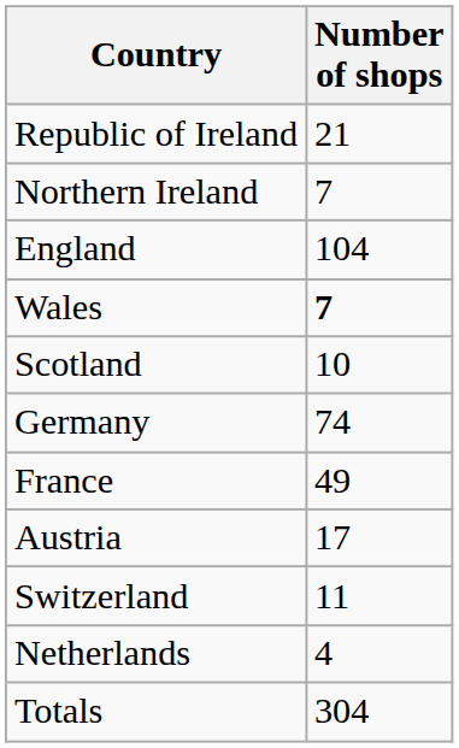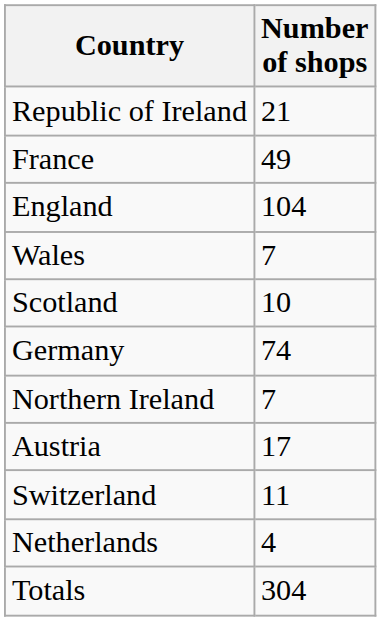 <table class="wikitable sortable floatright" style="display: inline-table">
 <tr>
 <th>Country</th>
 <th>Number<br>of shops</th>
 </tr>
 <tr>
 <td>Republic of Ireland</td>
 <td>21</td>
 </tr>
 <tr>
-<td>Northern Ireland</td>
-<td>7</td>
+<td>France</td>
+<td>49</td>
 </tr>
 <tr>
 <td>England</td>
 <td>104</td>
 </tr>
 <tr>
 <td>Wales</td>
-<td><strong>7</strong></td>
+<td>7</td>
 </tr>
 <tr>
 <td>Scotland</td>
 <td>10</td>
 </tr>
 <tr>
 <td>Germany</td>
 <td>74</td>
 </tr>
 <tr>
-<td>France</td>
-<td>49</td>
+<td>Northern Ireland</td>
+<td>7</td>
 </tr>
 <tr>
 <td>Austria</td>
 <td>17</td>
 </tr>
 <tr>
 <td>Switzerland</td>
 <td>11</td>
 </tr>
 <tr>
 <td>Netherlands</td>
 <td>4</td>
 </tr>
 <tr class="sortbottom">
 <td>Totals</td>
 <td>304</td>
 </tr>
 </table>
